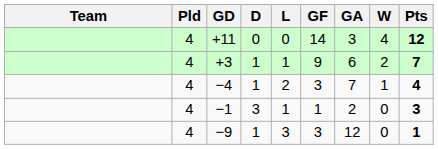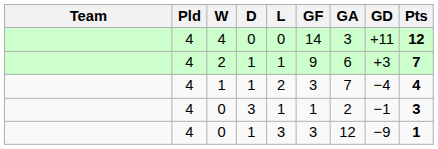 <table class="wikitable" style="text-align: center;">
 <tr>
 <th width="175">Team</th>
 <th width="30">Pld</th>
-<th width="30">GD</th>
+<th width="25">W</th>
 <th width="25">D</th>
 <th width="25">L</th>
 <th width="30">GF</th>
 <th width="30">GA</th>
-<th width="25">W</th>
+<th width="30">GD</th>
 <th width="30">Pts</th>
 </tr>
 <tr bgcolor="#ccffcc">
 <td align=left></td>
 <td>4</td>
-<td>+11</td>
+<td>4</td>
 <td>0</td>
 <td>0</td>
 <td>14</td>
 <td>3</td>
-<td>4</td>
+<td>+11</td>
 <td><strong>12</strong></td>
 </tr>
 <tr bgcolor="#ccffcc">
 <td align=left></td>
 <td>4</td>
-<td>+3</td>
+<td>2</td>
 <td>1</td>
 <td>1</td>
 <td>9</td>
 <td>6</td>
-<td>2</td>
+<td>+3</td>
 <td><strong>7</strong></td>
 </tr>
 <tr>
 <td align=left></td>
 <td>4</td>
-<td>−4</td>
+<td>1</td>
 <td>1</td>
 <td>2</td>
 <td>3</td>
 <td>7</td>
-<td>1</td>
+<td>−4</td>
 <td><strong>4</strong></td>
 </tr>
 <tr>
 <td align=left></td>
 <td>4</td>
-<td>−1</td>
+<td>0</td>
 <td>3</td>
 <td>1</td>
 <td>1</td>
 <td>2</td>
-<td>0</td>
+<td>−1</td>
 <td><strong>3</strong></td>
 </tr>
 <tr>
 <td align=left></td>
 <td>4</td>
-<td>−9</td>
+<td>0</td>
 <td>1</td>
 <td>3</td>
 <td>3</td>
 <td>12</td>
-<td>0</td>
+<td>−9</td>
 <td><strong>1</strong></td>
 </tr>
 </table>
